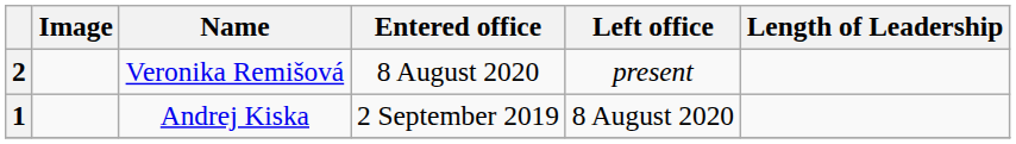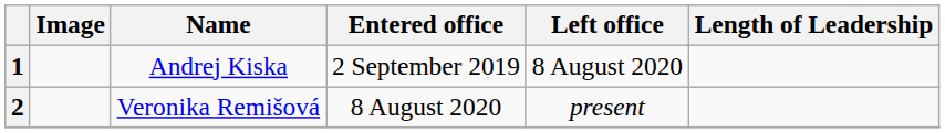 <table class="wikitable" style="text-align:center">
 <tr>
 <th></th>
 <th>Image</th>
 <th>Name</th>
 <th>Entered office</th>
 <th>Left office</th>
 <th>Length of Leadership</th>
 </tr>
 <tr>
+<th>1</th>
+<td></td>
+<td><a href='#'>Andrej Kiska</a></td>
+<td>2 September 2019</td>
+<td>8 August 2020</td>
+<td></td>
+</tr>
+<tr>
 <th>2</th>
 <td></td>
 <td><a href='#'>Veronika Remišová</a></td>
 <td>8 August 2020</td>
 <td><em>present</em></td>
 <td></td>
 </tr>
 <tr>
-<th>1</th>
-<td></td>
-<td><a href='#'>Andrej Kiska</a></td>
-<td>2 September 2019</td>
-<td>8 August 2020</td>
-<td></td>
-</tr>
-<tr>
 </tr>
 </table>
